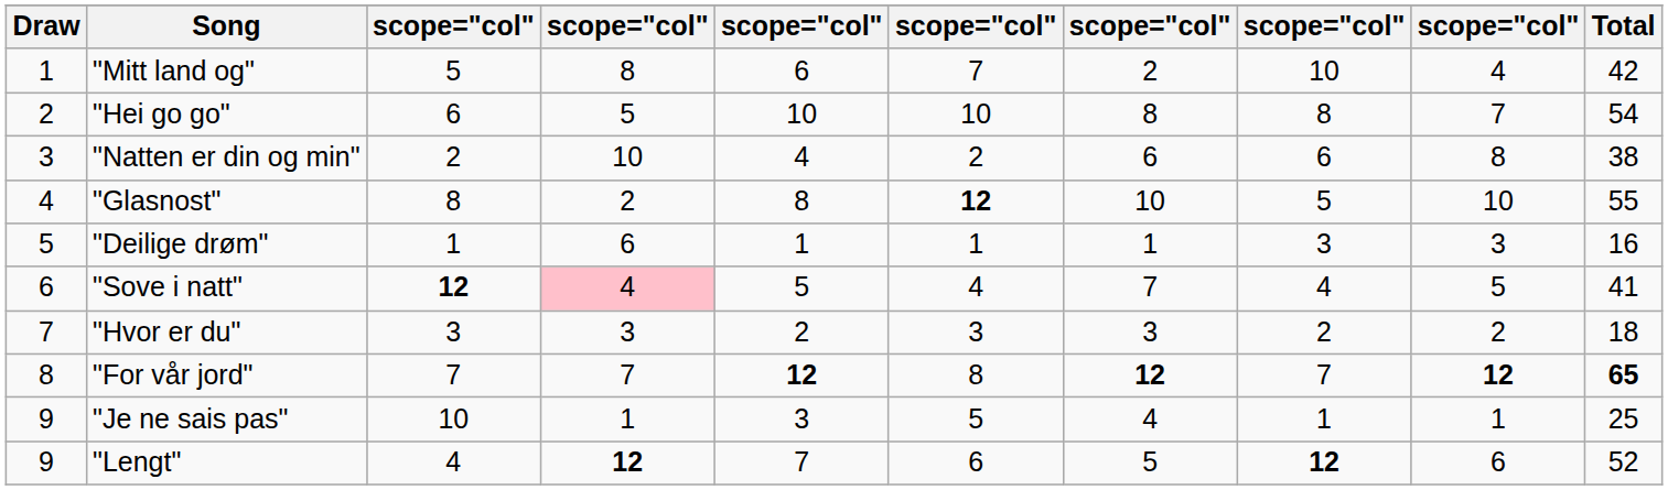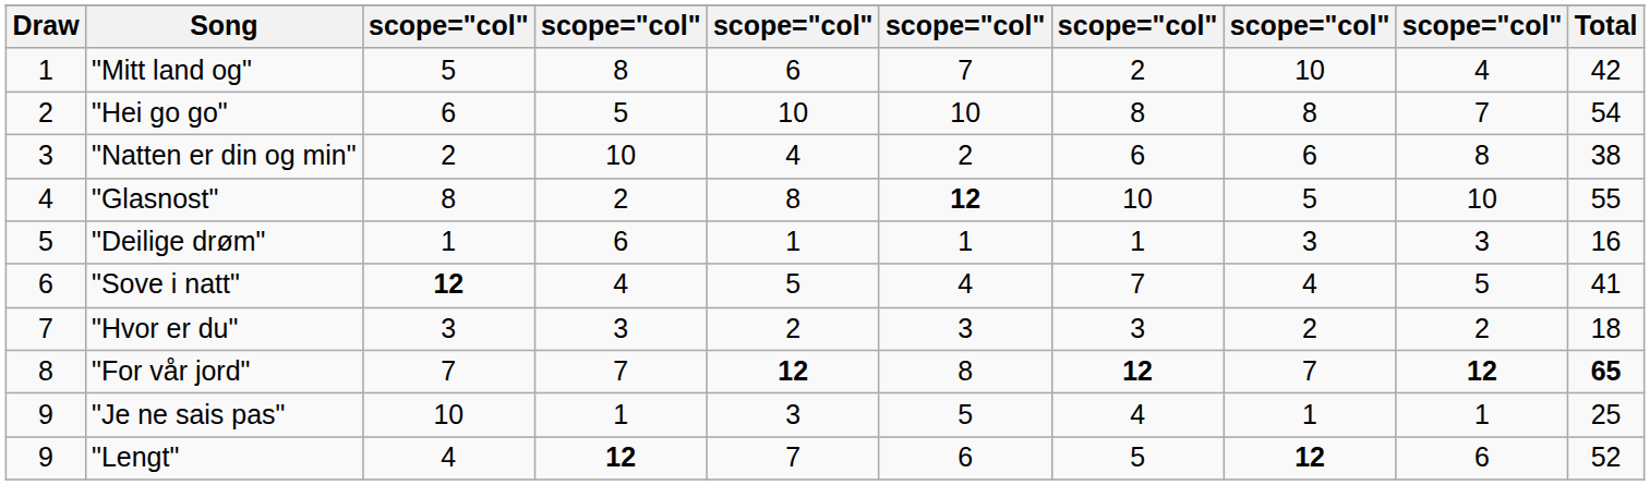 <table class="wikitable plainrowheaders" style="margin: 1em auto 1em auto; text-align:center;">
 <tr>
 </tr>
 <tr>
 <th scope="col">Draw</th>
 <th scope="col">Song</th>
 <th>scope="col" </th>
 <th>scope="col" </th>
 <th>scope="col" </th>
 <th>scope="col" </th>
 <th>scope="col" </th>
 <th>scope="col" </th>
 <th>scope="col" </th>
 <th scope="col">Total</th>
 </tr>
 <tr>
 <td>1</td>
 <td align="left">"Mitt land og"</td>
 <td>5</td>
 <td>8</td>
 <td>6</td>
 <td>7</td>
 <td>2</td>
 <td>10</td>
 <td>4</td>
 <td>42</td>
 </tr>
 <tr>
 <td>2</td>
 <td align="left">"Hei go go"</td>
 <td>6</td>
 <td>5</td>
 <td>10</td>
 <td>10</td>
 <td>8</td>
 <td>8</td>
 <td>7</td>
 <td>54</td>
 </tr>
 <tr>
 <td>3</td>
 <td align="left">"Natten er din og min"</td>
 <td>2</td>
 <td>10</td>
 <td>4</td>
 <td>2</td>
 <td>6</td>
 <td>6</td>
 <td>8</td>
 <td>38</td>
 </tr>
 <tr>
 <td>4</td>
 <td align="left">"Glasnost"</td>
 <td>8</td>
 <td>2</td>
 <td>8</td>
 <td><strong>12</strong></td>
 <td>10</td>
 <td>5</td>
 <td>10</td>
 <td>55</td>
 </tr>
 <tr>
 <td>5</td>
 <td align="left">"Deilige drøm"</td>
 <td>1</td>
 <td>6</td>
 <td>1</td>
 <td>1</td>
 <td>1</td>
 <td>3</td>
 <td>3</td>
 <td>16</td>
 </tr>
 <tr>
 <td>6</td>
 <td align="left">"Sove i natt"</td>
 <td><strong>12</strong></td>
-<td style="background: pink;">4</td>
+<td>4</td>
 <td>5</td>
 <td>4</td>
 <td>7</td>
 <td>4</td>
 <td>5</td>
 <td>41</td>
 </tr>
 <tr>
 <td>7</td>
 <td align="left">"Hvor er du"</td>
 <td>3</td>
 <td>3</td>
 <td>2</td>
 <td>3</td>
 <td>3</td>
 <td>2</td>
 <td>2</td>
 <td>18</td>
 </tr>
 <tr>
 <td>8</td>
 <td align="left">"For vår jord"</td>
 <td>7</td>
 <td>7</td>
 <td><strong>12</strong></td>
 <td>8</td>
 <td><strong>12</strong></td>
 <td>7</td>
 <td><strong>12</strong></td>
 <td><strong>65</strong></td>
 </tr>
 <tr>
 <td>9</td>
 <td align="left">"Je ne sais pas"</td>
 <td>10</td>
 <td>1</td>
 <td>3</td>
 <td>5</td>
 <td>4</td>
 <td>1</td>
 <td>1</td>
 <td>25</td>
 </tr>
 <tr>
 <td>9</td>
 <td align="left">"Lengt"</td>
 <td>4</td>
 <td><strong>12</strong></td>
 <td>7</td>
 <td>6</td>
 <td>5</td>
 <td><strong>12</strong></td>
 <td>6</td>
 <td>52</td>
 </tr>
 </table>
